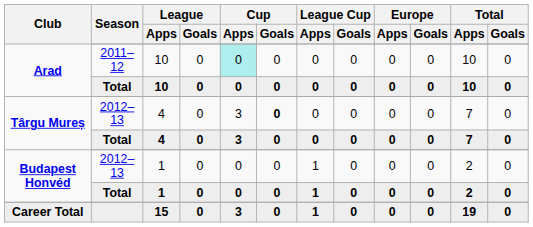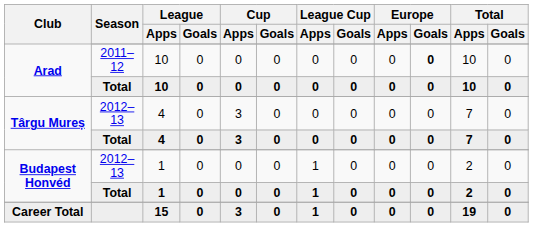 <table class="wikitable" style="font-size:90%; text-align: center;">
 <tr>
 <th rowspan="2">Club</th>
 <th rowspan="2">Season</th>
 <th colspan="2">League</th>
 <th colspan="2">Cup</th>
 <th colspan="2">League Cup</th>
 <th colspan="2">Europe</th>
 <th colspan="2">Total</th>
 </tr>
 <tr>
 <th>Apps</th>
 <th>Goals</th>
 <th>Apps</th>
 <th>Goals</th>
 <th>Apps</th>
 <th>Goals</th>
 <th>Apps</th>
 <th>Goals</th>
 <th>Apps</th>
 <th>Goals</th>
 </tr>
 <tr ||-||-||-|->
 <td rowspan="3" valign="center"><strong><a href='#'>Arad</a></strong></td>
 </tr>
 <tr>
 <td><a href='#'>2011–12</a></td>
 <td>10</td>
 <td>0</td>
-<td style="background: paleturquoise;">0</td>
 <td>0</td>
 <td>0</td>
 <td>0</td>
 <td>0</td>
 <td>0</td>
+<td><strong>0</strong></td>
 <td>10</td>
 <td>0</td>
 </tr>
 <tr style="font-weight:bold; background-color:#eeeeee;">
 <td>Total</td>
 <td>10</td>
 <td>0</td>
 <td>0</td>
 <td>0</td>
 <td>0</td>
 <td>0</td>
 <td>0</td>
 <td>0</td>
 <td>10</td>
 <td>0</td>
 </tr>
 <tr>
 <td rowspan="3" valign="center"><strong><a href='#'>Târgu Mureș</a></strong></td>
 </tr>
 <tr>
 <td><a href='#'>2012–13</a></td>
 <td>4</td>
 <td>0</td>
 <td>3</td>
-<td><strong>0</strong></td>
+<td>0</td>
 <td>0</td>
 <td>0</td>
 <td>0</td>
 <td>0</td>
 <td>7</td>
 <td>0</td>
 </tr>
 <tr style="font-weight:bold; background-color:#eeeeee;">
 <td>Total</td>
 <td>4</td>
 <td>0</td>
 <td>3</td>
 <td>0</td>
 <td>0</td>
 <td>0</td>
 <td>0</td>
 <td>0</td>
 <td>7</td>
 <td>0</td>
 </tr>
 <tr>
 <td rowspan="3" valign="center"><strong><a href='#'>Budapest Honvéd</a></strong></td>
 </tr>
 <tr>
 <td><a href='#'>2012–13</a></td>
 <td>1</td>
 <td>0</td>
 <td>0</td>
 <td>0</td>
 <td>1</td>
 <td>0</td>
 <td>0</td>
 <td>0</td>
 <td>2</td>
 <td>0</td>
 </tr>
 <tr style="font-weight:bold; background-color:#eeeeee;">
 <td>Total</td>
 <td>1</td>
 <td>0</td>
 <td>0</td>
 <td>0</td>
 <td>1</td>
 <td>0</td>
 <td>0</td>
 <td>0</td>
 <td>2</td>
 <td>0</td>
 </tr>
 <tr>
 </tr>
 <tr style="font-weight:bold; background-color:#eeeeee;">
 <td rowspan="1" valign="top"><strong>Career Total</strong></td>
 <td></td>
 <td><strong>15</strong></td>
 <td><strong>0</strong></td>
 <td><strong>3</strong></td>
 <td><strong>0</strong></td>
 <td><strong>1</strong></td>
 <td><strong>0</strong></td>
 <td><strong>0</strong></td>
 <td><strong>0</strong></td>
 <td><strong>19</strong></td>
 <td><strong>0</strong></td>
 </tr>
 </table>
